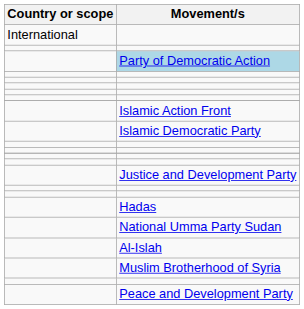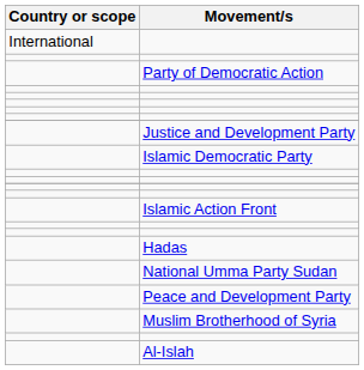 <table class="wikitable">
 <tr>
 <th>Country or scope</th>
 <th>Movement/s</th>
 </tr>
 <tr>
 <td>International</td>
 <td></td>
 </tr>
 <tr>
 <td></td>
 <td></td>
 </tr>
 <tr>
 <td></td>
-<td style="background: lightblue;"><a href='#'>Party of Democratic Action</a></td>
+<td><a href='#'>Party of Democratic Action</a></td>
 </tr>
 <tr>
 <td></td>
 <td></td>
 </tr>
 <tr>
 <td></td>
 <td></td>
 </tr>
 <tr>
 <td></td>
 <td></td>
 </tr>
 <tr>
 <td></td>
 <td></td>
 </tr>
 <tr>
 <td></td>
 <td></td>
 </tr>
 <tr>
 </tr>
 <tr>
 <td></td>
-<td><a href='#'>Islamic Action Front</a></td>
+<td><a href='#'>Justice and Development Party</a></td>
 </tr>
 <tr>
 <td></td>
 <td><a href='#'>Islamic Democratic Party</a></td>
 </tr>
 <tr>
 <td></td>
 <td></td>
 </tr>
 <tr>
 <td></td>
 <td></td>
 </tr>
 <tr>
 </tr>
 <tr>
 <td></td>
 <td></td>
 </tr>
 <tr>
 <td></td>
 <td></td>
 </tr>
 <tr>
 <td></td>
-<td><a href='#'>Justice and Development Party</a></td>
+<td><a href='#'>Islamic Action Front</a></td>
 </tr>
 <tr>
 <td></td>
 <td></td>
 </tr>
 <tr>
 <td></td>
 <td></td>
 </tr>
 <tr>
 <td></td>
 <td><a href='#'>Hadas</a></td>
 </tr>
 <tr>
 <td></td>
 <td><a href='#'>National Umma Party Sudan</a></td>
 </tr>
 <tr>
 <td></td>
-<td><a href='#'>Al-Islah</a></td>
+<td><a href='#'>Peace and Development Party</a></td>
 </tr>
 <tr>
 <td></td>
 <td><a href='#'>Muslim Brotherhood of Syria</a> </td>
 </tr>
 <tr>
 <td></td>
 <td></td>
 </tr>
 <tr>
 <td></td>
-<td><a href='#'>Peace and Development Party</a></td>
+<td><a href='#'>Al-Islah</a></td>
 </tr>
 </table>
